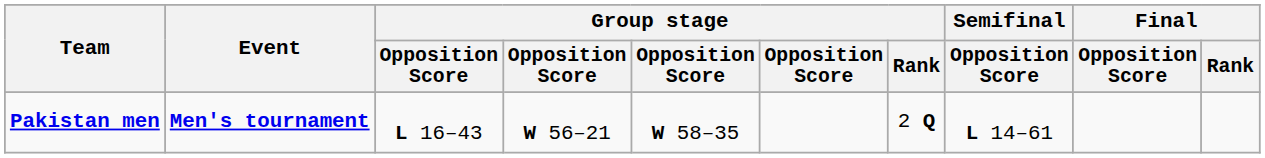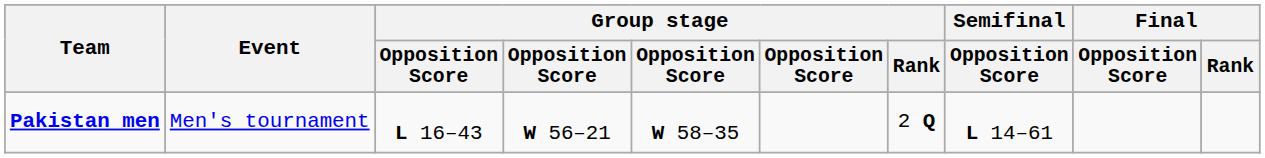 <table class=wikitable style=font-size:90%;text-align:center>
 <tr>
 <th rowspan=2>Team</th>
 <th rowspan=2>Event</th>
 <th colspan=5>Group stage</th>
 <th>Semifinal</th>
 <th colspan=2>Final</th>
 </tr>
 <tr style=font-size:95%>
 <th>Opposition<br>Score</th>
 <th>Opposition<br>Score</th>
 <th>Opposition<br>Score</th>
 <th>Opposition<br>Score</th>
 <th>Rank</th>
 <th>Opposition<br>Score</th>
 <th>Opposition<br>Score</th>
 <th>Rank</th>
 </tr>
 <tr>
 <td align=left><strong><a href='#'>Pakistan men</a></strong></td>
-<td align=left><strong><a href='#'>Men's tournament</a></strong></td>
+<td align=left><a href='#'>Men's tournament</a></td>
 <td><br><strong>L</strong> 16–43</td>
 <td><br><strong>W</strong> 56–21</td>
 <td><br><strong>W</strong> 58–35</td>
 <td></td>
 <td>2 <strong>Q</strong></td>
 <td><br> <strong>L</strong> 14–61</td>
 <td></td>
 <td></td>
 </tr>
 </table>
